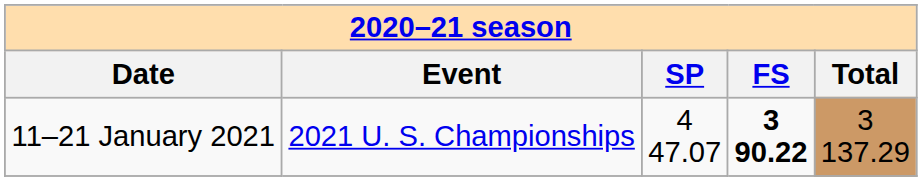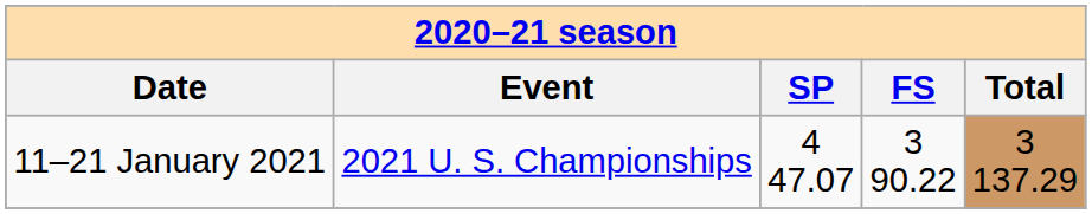 <table class="wikitable">
 <tr>
 <td style="background-color: #ffdead; " colspan=5 align=center><a href='#'><strong>2020–21 season</strong></a></td>
 </tr>
 <tr>
 <th>Date</th>
 <th>Event</th>
 <th><a href='#'>SP</a></th>
 <th><a href='#'>FS</a></th>
 <th>Total</th>
 </tr>
 <tr>
 <td>11–21 January 2021</td>
 <td><a href='#'>2021 U. S. Championships</a></td>
 <td align=center>4 <br> 47.07</td>
-<td align=center><strong>3 <br> 90.22</strong></td>
+<td align=center>3 <br> 90.22</td>
 <td align=center bgcolor=cc9966>3 <br> 137.29</td>
 </tr>
 </table>
